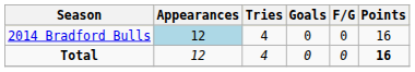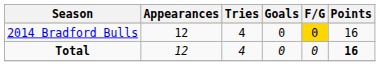 <table class="wikitable" style="text-align:center;">
 <tr bgcolor=#bdb76b>
 <th>Season</th>
 <th>Appearances</th>
 <th>Tries</th>
 <th>Goals</th>
 <th>F/G</th>
 <th>Points</th>
 </tr>
 <tr>
 <td><a href='#'>2014 Bradford Bulls</a></td>
-<td style="background: lightblue;">12</td>
+<td>12</td>
 <td>4</td>
 <td>0</td>
-<td>0</td>
+<td style="background: gold;">0</td>
 <td>16</td>
 </tr>
 <tr>
 <td><strong>Total</strong></td>
 <td><em>12</em></td>
 <td><em>4</em></td>
 <td><em>0</em></td>
 <td><em>0</em></td>
 <td><strong>16</strong></td>
 </tr>
 <tr>
 </tr>
 </table>
